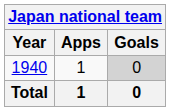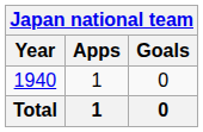 <table class="wikitable" style="text-align:center">
 <tr>
 <th colspan=3><a href='#'>Japan national team</a></th>
 </tr>
 <tr>
 <th>Year</th>
 <th>Apps</th>
 <th>Goals</th>
 </tr>
 <tr>
 <td><a href='#'>1940</a></td>
 <td>1</td>
-<td style="background: lightgrey;">0</td>
+<td>0</td>
 </tr>
 <tr>
 <th>Total</th>
 <th>1</th>
 <th>0</th>
 </tr>
 </table>
